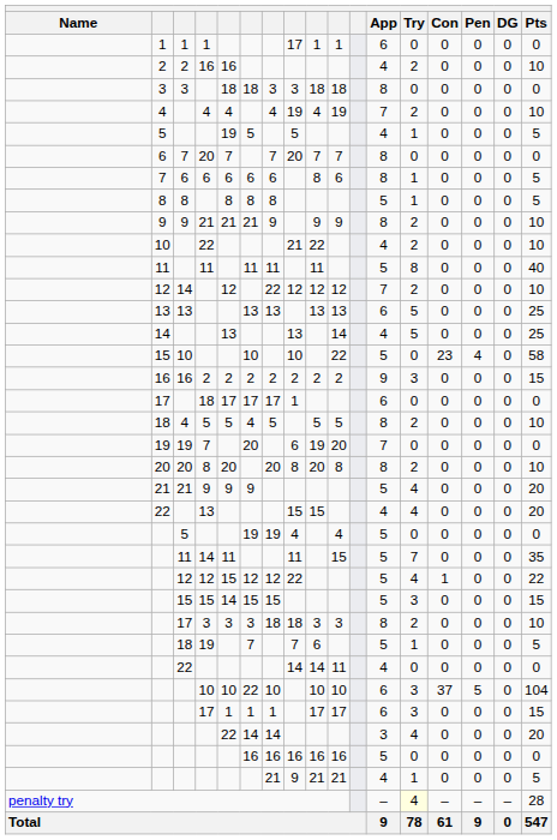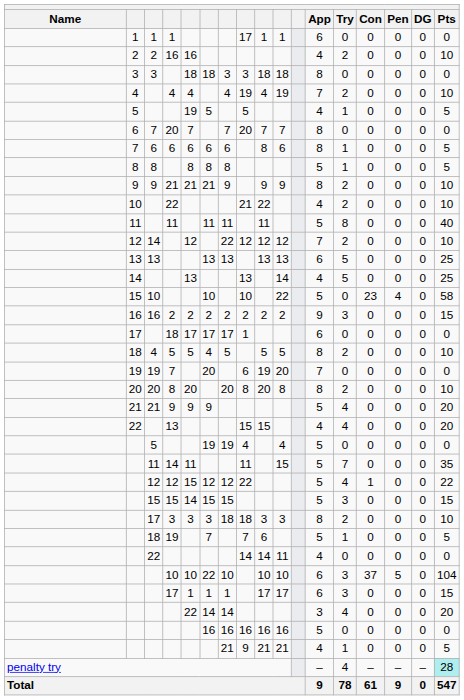 <table class="wikitable collapsible collapsed" style="text-align:center; font-size:100%; width:100%">
 <tr>
 <th colspan="100%"></th>
 </tr>
 <tr>
 <th style="width:36%;">Name</th>
 <th style="width:4%;"></th>
 <th style="width:4%;"></th>
 <th style="width:4%;"></th>
 <th style="width:4%;"></th>
 <th style="width:4%;"></th>
 <th style="width:4%;"></th>
 <th style="width:4%;"></th>
 <th style="width:4%;"></th>
 <th style="width:4%;"></th>
 <th style="width:4%;"></th>
 <th style="width:4%;">App</th>
 <th style="width:4%;">Try</th>
 <th style="width:4%;">Con</th>
 <th style="width:4%;">Pen</th>
 <th style="width:4%;">DG</th>
 <th style="width:4%;">Pts</th>
 </tr>
 <tr>
 <td style="text-align:left;"></td>
 <td>1</td>
 <td>1</td>
 <td>1</td>
 <td></td>
 <td></td>
 <td></td>
 <td>17 </td>
 <td>1</td>
 <td>1</td>
 <td style="background:#EBECF0;"></td>
 <td>6</td>
 <td>0</td>
 <td>0</td>
 <td>0</td>
 <td>0</td>
 <td>0</td>
 </tr>
 <tr>
 <td style="text-align:left;"></td>
 <td>2</td>
 <td>2</td>
 <td>16 </td>
 <td>16 </td>
 <td></td>
 <td></td>
 <td></td>
 <td></td>
 <td></td>
 <td style="background:#EBECF0;"></td>
 <td>4</td>
 <td>2</td>
 <td>0</td>
 <td>0</td>
 <td>0</td>
 <td>10</td>
 </tr>
 <tr>
 <td style="text-align:left;"></td>
 <td>3</td>
 <td>3</td>
 <td></td>
 <td>18 </td>
 <td>18 </td>
 <td>3</td>
 <td>3</td>
 <td>18 </td>
 <td>18 </td>
 <td style="background:#EBECF0;"></td>
 <td>8</td>
 <td>0</td>
 <td>0</td>
 <td>0</td>
 <td>0</td>
 <td>0</td>
 </tr>
 <tr>
 <td style="text-align:left;"></td>
 <td>4</td>
 <td></td>
 <td>4</td>
 <td>4</td>
 <td></td>
 <td>4</td>
 <td>19 </td>
 <td>4</td>
 <td>19 </td>
 <td style="background:#EBECF0;"></td>
 <td>7</td>
 <td>2</td>
 <td>0</td>
 <td>0</td>
 <td>0</td>
 <td>10</td>
 </tr>
 <tr>
 <td style="text-align:left;"></td>
 <td>5</td>
 <td></td>
 <td></td>
 <td>19 </td>
 <td>5</td>
 <td></td>
 <td>5</td>
 <td></td>
 <td></td>
 <td style="background:#EBECF0;"></td>
 <td>4</td>
 <td>1</td>
 <td>0</td>
 <td>0</td>
 <td>0</td>
 <td>5</td>
 </tr>
 <tr>
 <td style="text-align:left;"></td>
 <td>6</td>
 <td>7</td>
 <td>20 </td>
 <td>7</td>
 <td></td>
 <td>7</td>
 <td>20 </td>
 <td>7</td>
 <td>7</td>
 <td style="background:#EBECF0;"></td>
 <td>8</td>
 <td>0</td>
 <td>0</td>
 <td>0</td>
 <td>0</td>
 <td>0</td>
 </tr>
 <tr>
 <td style="text-align:left;"></td>
 <td>7</td>
 <td>6</td>
 <td>6</td>
 <td>6</td>
 <td>6</td>
 <td>6</td>
 <td></td>
 <td>8</td>
 <td>6</td>
 <td style="background:#EBECF0;"></td>
 <td>8</td>
 <td>1</td>
 <td>0</td>
 <td>0</td>
 <td>0</td>
 <td>5</td>
 </tr>
 <tr>
 <td style="text-align:left;"></td>
 <td>8</td>
 <td>8</td>
 <td></td>
 <td>8</td>
 <td>8</td>
 <td>8</td>
 <td></td>
 <td></td>
 <td></td>
 <td style="background:#EBECF0;"></td>
 <td>5</td>
 <td>1</td>
 <td>0</td>
 <td>0</td>
 <td>0</td>
 <td>5</td>
 </tr>
 <tr>
 <td style="text-align:left;"></td>
 <td>9</td>
 <td>9</td>
 <td>21 </td>
 <td>21 </td>
 <td>21 </td>
 <td>9</td>
 <td></td>
 <td>9</td>
 <td>9</td>
 <td style="background:#EBECF0;"></td>
 <td>8</td>
 <td>2</td>
 <td>0</td>
 <td>0</td>
 <td>0</td>
 <td>10</td>
 </tr>
 <tr>
 <td style="text-align:left;"></td>
 <td>10</td>
 <td></td>
 <td>22 </td>
 <td></td>
 <td></td>
 <td></td>
 <td>21 </td>
 <td>22 </td>
 <td></td>
 <td style="background:#EBECF0;"></td>
 <td>4</td>
 <td>2</td>
 <td>0</td>
 <td>0</td>
 <td>0</td>
 <td>10</td>
 </tr>
 <tr>
 <td style="text-align:left;"></td>
 <td>11</td>
 <td></td>
 <td>11</td>
 <td></td>
 <td>11</td>
 <td>11</td>
 <td></td>
 <td>11</td>
 <td></td>
 <td style="background:#EBECF0;"></td>
 <td>5</td>
 <td>8</td>
 <td>0</td>
 <td>0</td>
 <td>0</td>
 <td>40</td>
 </tr>
 <tr>
 <td style="text-align:left;"></td>
 <td>12</td>
 <td>14</td>
 <td></td>
 <td>12</td>
 <td></td>
 <td>22 </td>
 <td>12</td>
 <td>12</td>
 <td>12</td>
 <td style="background:#EBECF0;"></td>
 <td>7</td>
 <td>2</td>
 <td>0</td>
 <td>0</td>
 <td>0</td>
 <td>10</td>
 </tr>
 <tr>
 <td style="text-align:left;"></td>
 <td>13</td>
 <td>13</td>
 <td></td>
 <td></td>
 <td>13</td>
 <td>13</td>
 <td></td>
 <td>13</td>
 <td>13</td>
 <td style="background:#EBECF0;"></td>
 <td>6</td>
 <td>5</td>
 <td>0</td>
 <td>0</td>
 <td>0</td>
 <td>25</td>
 </tr>
 <tr>
 <td style="text-align:left;"></td>
 <td>14</td>
 <td></td>
 <td></td>
 <td>13</td>
 <td></td>
 <td></td>
 <td>13</td>
 <td></td>
 <td>14</td>
 <td style="background:#EBECF0;"></td>
 <td>4</td>
 <td>5</td>
 <td>0</td>
 <td>0</td>
 <td>0</td>
 <td>25</td>
 </tr>
 <tr>
 <td style="text-align:left;"></td>
 <td>15</td>
 <td>10</td>
 <td></td>
 <td></td>
 <td>10</td>
 <td></td>
 <td>10</td>
 <td></td>
 <td>22 </td>
 <td style="background:#EBECF0;"></td>
 <td>5</td>
 <td>0</td>
 <td>23</td>
 <td>4</td>
 <td>0</td>
 <td>58</td>
 </tr>
 <tr>
 <td style="text-align:left;"></td>
 <td>16 </td>
 <td>16 </td>
 <td>2</td>
 <td>2</td>
 <td>2</td>
 <td>2</td>
 <td>2</td>
 <td>2</td>
 <td>2</td>
 <td style="background:#EBECF0;"></td>
 <td>9</td>
 <td>3</td>
 <td>0</td>
 <td>0</td>
 <td>0</td>
 <td>15</td>
 </tr>
 <tr>
 <td style="text-align:left;"></td>
 <td>17 </td>
 <td></td>
 <td>18 </td>
 <td>17 </td>
 <td>17 </td>
 <td>17 </td>
 <td>1</td>
 <td></td>
 <td></td>
 <td style="background:#EBECF0;"></td>
 <td>6</td>
 <td>0</td>
 <td>0</td>
 <td>0</td>
 <td>0</td>
 <td>0</td>
 </tr>
 <tr>
 <td style="text-align:left;"></td>
 <td>18 </td>
 <td>4</td>
 <td>5</td>
 <td>5</td>
 <td>4</td>
 <td>5</td>
 <td></td>
 <td>5</td>
 <td>5</td>
 <td style="background:#EBECF0;"></td>
 <td>8</td>
 <td>2</td>
 <td>0</td>
 <td>0</td>
 <td>0</td>
 <td>10</td>
 </tr>
 <tr>
 <td style="text-align:left;"></td>
 <td>19 </td>
 <td>19 </td>
 <td>7</td>
 <td></td>
 <td>20 </td>
 <td></td>
 <td>6</td>
 <td>19 </td>
 <td>20 </td>
 <td style="background:#EBECF0;"></td>
 <td>7</td>
 <td>0</td>
 <td>0</td>
 <td>0</td>
 <td>0</td>
 <td>0</td>
 </tr>
 <tr>
 <td style="text-align:left;"></td>
 <td>20 </td>
 <td>20 </td>
 <td>8</td>
 <td>20 </td>
 <td></td>
 <td>20 </td>
 <td>8</td>
 <td>20 </td>
 <td>8</td>
 <td style="background:#EBECF0;"></td>
 <td>8</td>
 <td>2</td>
 <td>0</td>
 <td>0</td>
 <td>0</td>
 <td>10</td>
 </tr>
 <tr>
 <td style="text-align:left;"></td>
 <td>21 </td>
 <td>21 </td>
 <td>9</td>
 <td>9</td>
 <td>9</td>
 <td></td>
 <td></td>
 <td></td>
 <td></td>
 <td style="background:#EBECF0;"></td>
 <td>5</td>
 <td>4</td>
 <td>0</td>
 <td>0</td>
 <td>0</td>
 <td>20</td>
 </tr>
 <tr>
 <td style="text-align:left;"></td>
 <td>22 </td>
 <td></td>
 <td>13</td>
 <td></td>
 <td></td>
 <td></td>
 <td>15</td>
 <td>15</td>
 <td></td>
 <td style="background:#EBECF0;"></td>
 <td>4</td>
 <td>4</td>
 <td>0</td>
 <td>0</td>
 <td>0</td>
 <td>20</td>
 </tr>
 <tr>
 <td style="text-align:left;"></td>
 <td></td>
 <td>5</td>
 <td></td>
 <td></td>
 <td>19 </td>
 <td>19 </td>
 <td>4</td>
 <td></td>
 <td>4</td>
 <td style="background:#EBECF0;"></td>
 <td>5</td>
 <td>0</td>
 <td>0</td>
 <td>0</td>
 <td>0</td>
 <td>0</td>
 </tr>
 <tr>
 <td style="text-align:left;"></td>
 <td></td>
 <td>11</td>
 <td>14</td>
 <td>11</td>
 <td></td>
 <td></td>
 <td>11</td>
 <td></td>
 <td>15</td>
 <td style="background:#EBECF0;"></td>
 <td>5</td>
 <td>7</td>
 <td>0</td>
 <td>0</td>
 <td>0</td>
 <td>35</td>
 </tr>
 <tr>
 <td style="text-align:left;"></td>
 <td></td>
 <td>12</td>
 <td>12</td>
 <td>15</td>
 <td>12</td>
 <td>12</td>
 <td>22</td>
 <td></td>
 <td></td>
 <td style="background:#EBECF0;"></td>
 <td>5</td>
 <td>4</td>
 <td>1</td>
 <td>0</td>
 <td>0</td>
 <td>22</td>
 </tr>
 <tr>
 <td style="text-align:left;"></td>
 <td></td>
 <td>15</td>
 <td>15</td>
 <td>14</td>
 <td>15</td>
 <td>15</td>
 <td></td>
 <td></td>
 <td></td>
 <td style="background:#EBECF0;"></td>
 <td>5</td>
 <td>3</td>
 <td>0</td>
 <td>0</td>
 <td>0</td>
 <td>15</td>
 </tr>
 <tr>
 <td style="text-align:left;"></td>
 <td></td>
 <td>17 </td>
 <td>3</td>
 <td>3</td>
 <td>3</td>
 <td>18 </td>
 <td>18 </td>
 <td>3</td>
 <td>3</td>
 <td style="background:#EBECF0;"></td>
 <td>8</td>
 <td>2</td>
 <td>0</td>
 <td>0</td>
 <td>0</td>
 <td>10</td>
 </tr>
 <tr>
 <td style="text-align:left;"></td>
 <td></td>
 <td>18 </td>
 <td>19 </td>
 <td></td>
 <td>7</td>
 <td></td>
 <td>7</td>
 <td>6</td>
 <td></td>
 <td style="background:#EBECF0;"></td>
 <td>5</td>
 <td>1</td>
 <td>0</td>
 <td>0</td>
 <td>0</td>
 <td>5</td>
 </tr>
 <tr>
 <td style="text-align:left;"></td>
 <td></td>
 <td>22 </td>
 <td></td>
 <td></td>
 <td></td>
 <td></td>
 <td>14</td>
 <td>14</td>
 <td>11</td>
 <td style="background:#EBECF0;"></td>
 <td>4</td>
 <td>0</td>
 <td>0</td>
 <td>0</td>
 <td>0</td>
 <td>0</td>
 </tr>
 <tr>
 <td style="text-align:left;"></td>
 <td></td>
 <td></td>
 <td>10</td>
 <td>10</td>
 <td>22 </td>
 <td>10</td>
 <td></td>
 <td>10</td>
 <td>10</td>
 <td style="background:#EBECF0;"></td>
 <td>6</td>
 <td>3</td>
 <td>37</td>
 <td>5</td>
 <td>0</td>
 <td>104</td>
 </tr>
 <tr>
 <td style="text-align:left;"></td>
 <td></td>
 <td></td>
 <td>17 </td>
 <td>1</td>
 <td>1</td>
 <td>1</td>
 <td></td>
 <td>17 </td>
 <td>17 </td>
 <td style="background:#EBECF0;"></td>
 <td>6</td>
 <td>3</td>
 <td>0</td>
 <td>0</td>
 <td>0</td>
 <td>15</td>
 </tr>
 <tr>
 <td style="text-align:left;"></td>
 <td></td>
 <td></td>
 <td></td>
 <td>22 </td>
 <td>14</td>
 <td>14</td>
 <td></td>
 <td></td>
 <td></td>
 <td style="background:#EBECF0;"></td>
 <td>3</td>
 <td>4</td>
 <td>0</td>
 <td>0</td>
 <td>0</td>
 <td>20</td>
 </tr>
 <tr>
 <td style="text-align:left;"></td>
 <td></td>
 <td></td>
 <td></td>
 <td></td>
 <td>16 </td>
 <td>16 </td>
 <td>16 </td>
 <td>16 </td>
 <td>16 </td>
 <td style="background:#EBECF0;"></td>
 <td>5</td>
 <td>0</td>
 <td>0</td>
 <td>0</td>
 <td>0</td>
 <td>0</td>
 </tr>
 <tr>
 <td style="text-align:left;"></td>
 <td></td>
 <td></td>
 <td></td>
 <td></td>
 <td></td>
 <td>21 </td>
 <td>9</td>
 <td>21 </td>
 <td>21 </td>
 <td style="background:#EBECF0;"></td>
 <td>4</td>
 <td>1</td>
 <td>0</td>
 <td>0</td>
 <td>0</td>
 <td>5</td>
 </tr>
 <tr>
 <td colspan="10" style="text-align:left;"><a href='#'>penalty try</a></td>
 <td style="background:#EBECF0;"></td>
 <td>–</td>
-<td style="background: lightyellow;">4</td>
+<td>4</td>
 <td>–</td>
 <td>–</td>
 <td>–</td>
-<td>28</td>
+<td style="background: paleturquoise;">28</td>
 </tr>
 <tr>
 <th colspan="11" style="text-align:left;">Total</th>
 <th>9</th>
 <th>78</th>
 <th>61</th>
 <th>9</th>
 <th>0</th>
 <th>547</th>
 </tr>
 </table>
